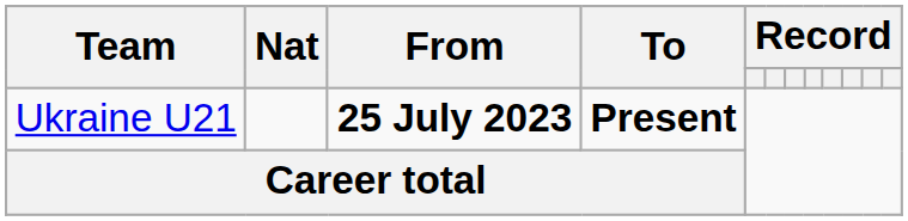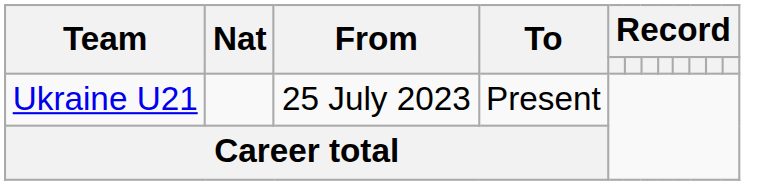 <table class="wikitable" style="text-align: center">
 <tr>
 <th rowspan=2>Team</th>
 <th rowspan=2>Nat</th>
 <th rowspan=2>From</th>
 <th rowspan=2>To</th>
 <th colspan=8>Record</th>
 </tr>
 <tr>
 <th></th>
 <th></th>
 <th></th>
 <th></th>
 <th></th>
 <th></th>
 <th></th>
 <th></th>
 </tr>
 <tr>
 <td><a href='#'>Ukraine U21</a></td>
 <td rowspan="1"></td>
-<td><strong>25 July 2023</strong></td>
-<td><strong>Present<br></strong></td>
+<td>25 July 2023</td>
+<td>Present<br></td>
 </tr>
 <tr>
 <th colspan=4>Career total<br></th>
 </tr>
 </table>
